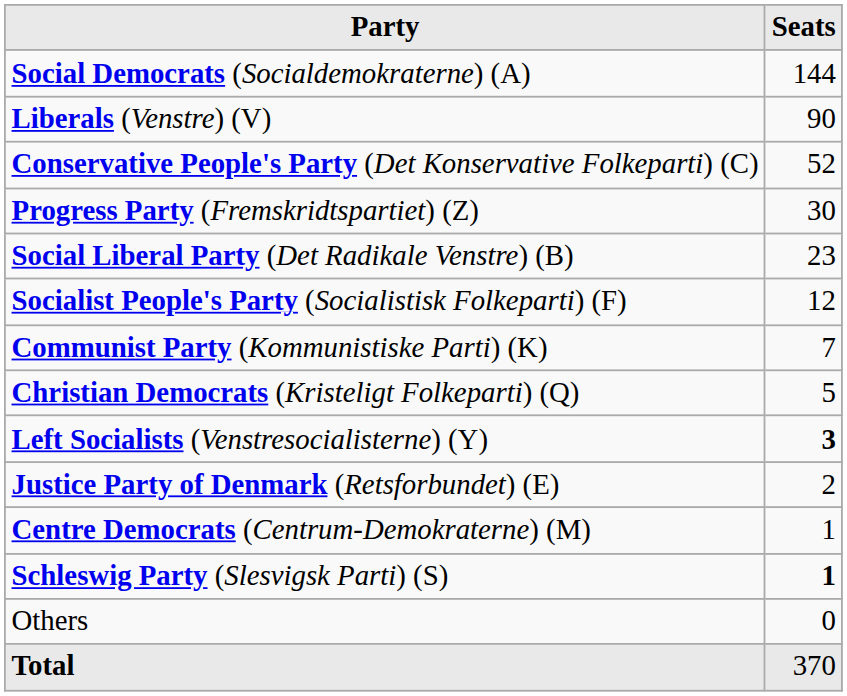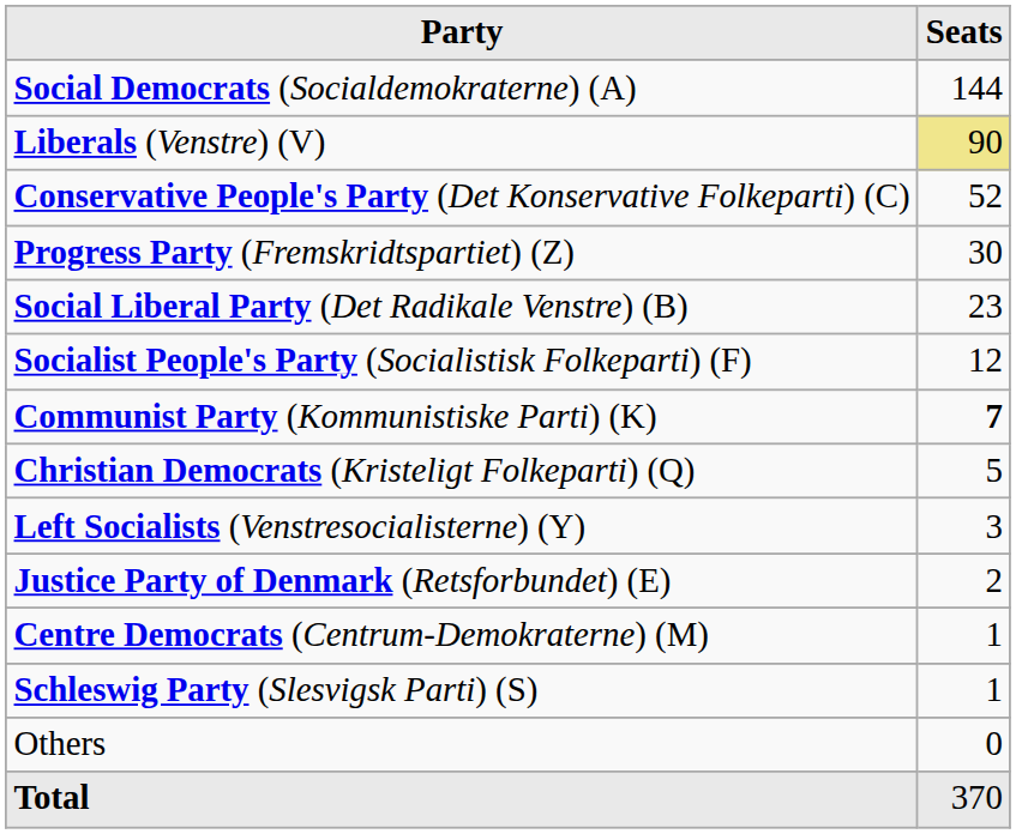 <table class="wikitable">
 <tr>
 <th style="background-color:#E9E9E9">Party</th>
 <th style="background-color:#E9E9E9">Seats</th>
 </tr>
 <tr>
 <td><strong><a href='#'>Social Democrats</a></strong> (<em>Socialdemokraterne</em>) (A)</td>
 <td align="right">144</td>
 </tr>
 <tr>
 <td><strong><a href='#'>Liberals</a></strong> (<em>Venstre</em>) (V)</td>
-<td align="right">90</td>
+<td align="right" style="background: khaki;">90</td>
 </tr>
 <tr>
 <td><strong><a href='#'>Conservative People's Party</a></strong> (<em>Det Konservative Folkeparti</em>) (C)</td>
 <td align="right">52</td>
 </tr>
 <tr>
 <td><strong><a href='#'>Progress Party</a></strong> (<em>Fremskridtspartiet</em>) (Z)</td>
 <td align="right">30</td>
 </tr>
 <tr>
 <td><strong><a href='#'>Social Liberal Party</a></strong> (<em>Det Radikale Venstre</em>) (B)</td>
 <td align="right">23</td>
 </tr>
 <tr>
 <td><strong><a href='#'>Socialist People's Party</a></strong> (<em>Socialistisk Folkeparti</em>) (F)</td>
 <td align="right">12</td>
 </tr>
 <tr>
 <td><strong><a href='#'>Communist Party</a></strong> (<em>Kommunistiske Parti</em>) (K)</td>
-<td align="right">7</td>
+<td align="right"><strong>7</strong></td>
 </tr>
 <tr>
 <td><strong><a href='#'>Christian Democrats</a></strong> (<em>Kristeligt Folkeparti</em>) (Q)</td>
 <td align="right">5</td>
 </tr>
 <tr>
 <td><strong><a href='#'>Left Socialists</a></strong> (<em>Venstresocialisterne</em>) (Y)</td>
-<td align="right"><strong>3</strong></td>
+<td align="right">3</td>
 </tr>
 <tr>
 <td><strong><a href='#'>Justice Party of Denmark</a></strong> (<em>Retsforbundet</em>) (E)</td>
 <td align="right">2</td>
 </tr>
 <tr>
 <td><strong><a href='#'>Centre Democrats</a></strong> (<em>Centrum-Demokraterne</em>) (M)</td>
 <td align="right">1</td>
 </tr>
 <tr>
 <td><strong><a href='#'>Schleswig Party</a></strong> (<em>Slesvigsk Parti</em>) (S)</td>
-<td align="right"><strong>1</strong></td>
+<td align="right">1</td>
 </tr>
 <tr>
 <td>Others</td>
 <td align="right">0</td>
 </tr>
 <tr>
 <td style="background-color:#E9E9E9"><strong>Total</strong></td>
 <td align="right" style="background-color:#E9E9E9">370</td>
 </tr>
 </table>
